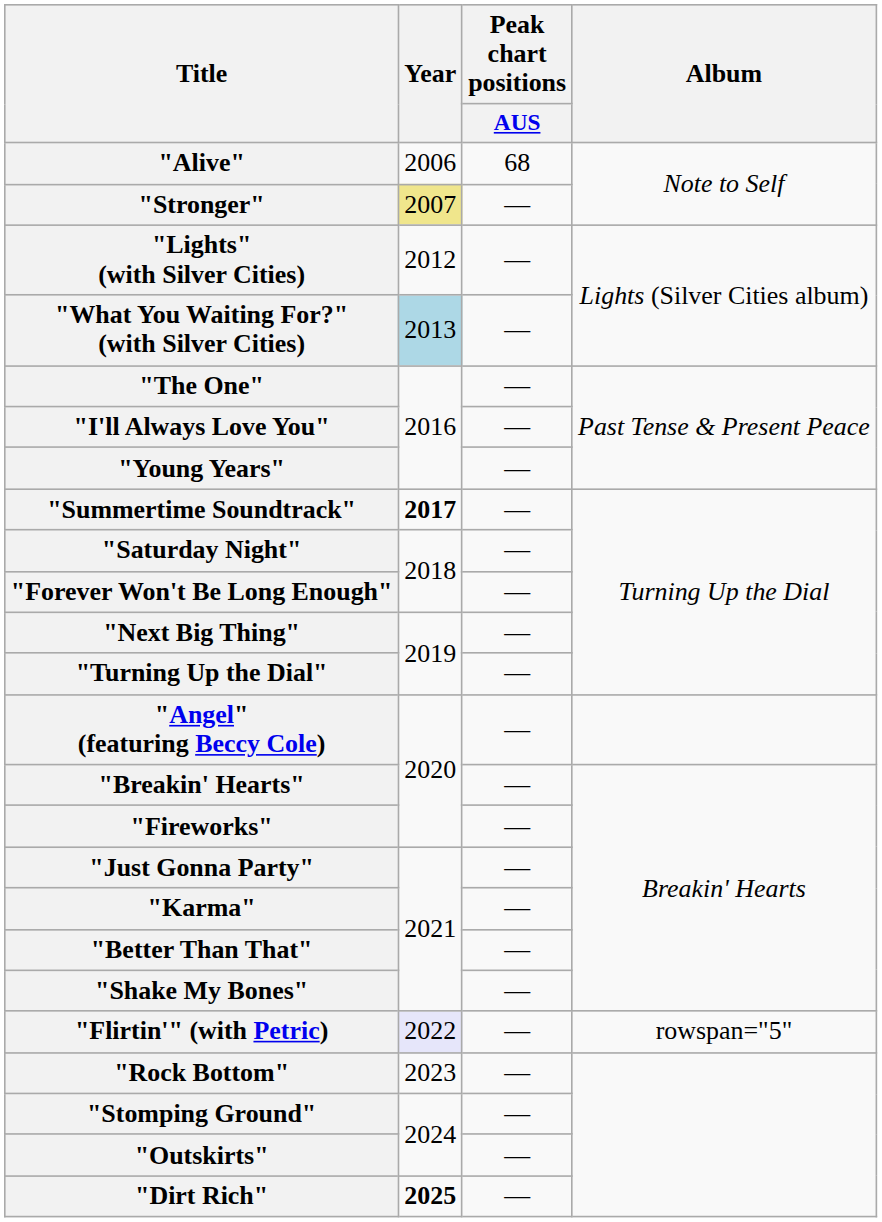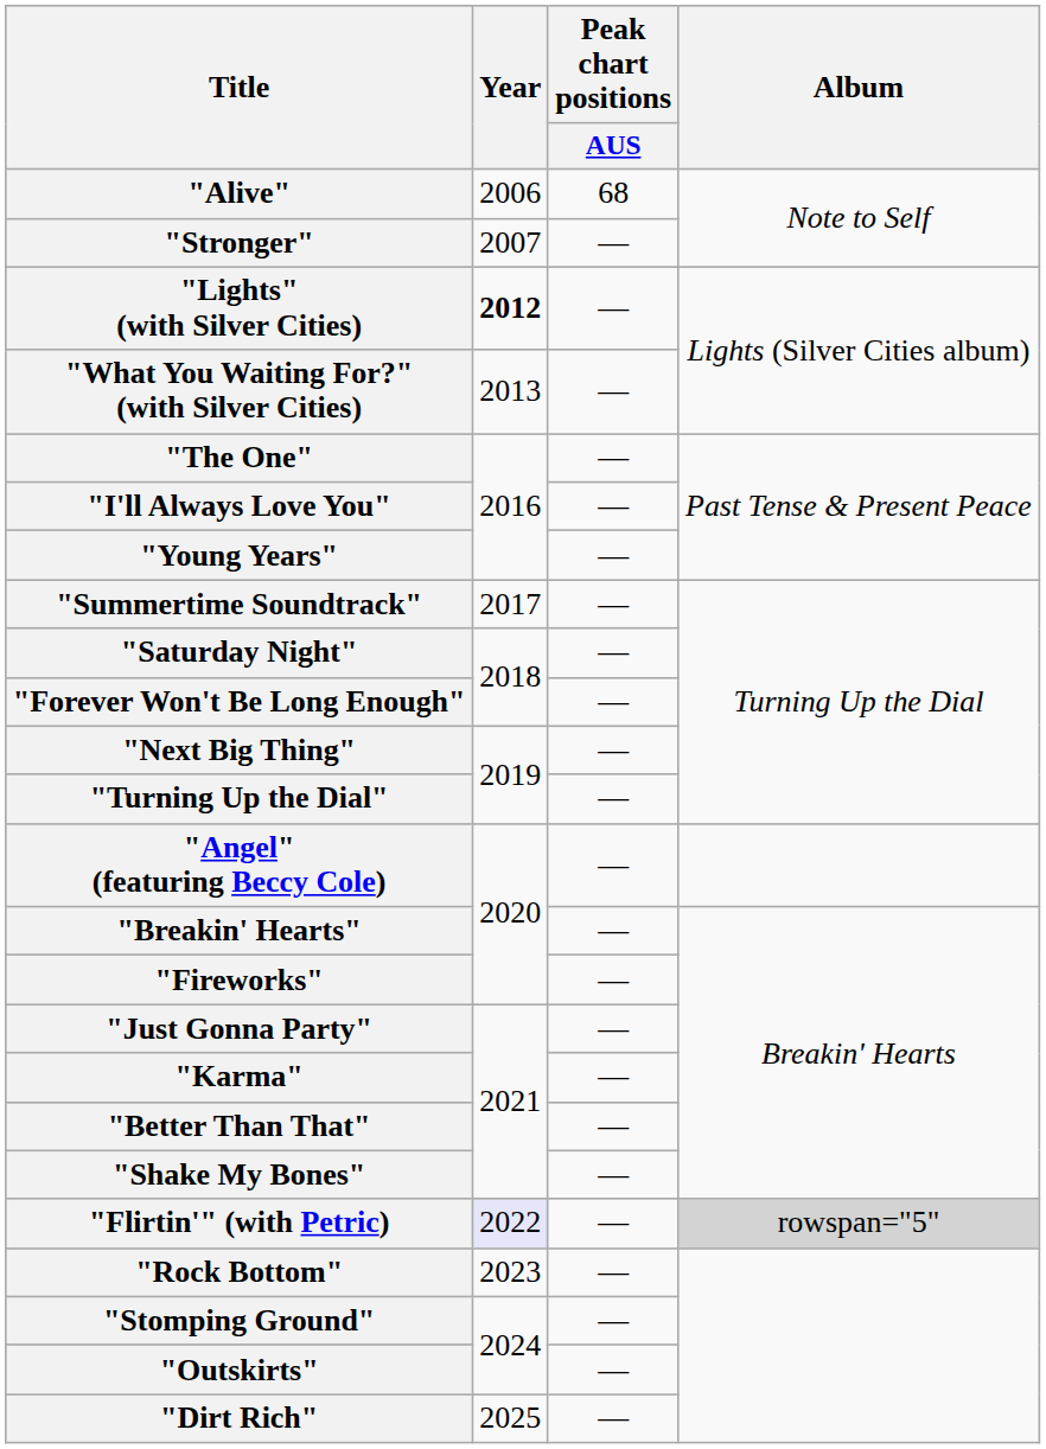 <table class="wikitable plainrowheaders" style="text-align:center;">
 <tr>
 <th scope="col" rowspan="2">Title</th>
 <th scope="col" rowspan="2">Year</th>
 <th scope="col" colspan="1">Peak chart positions</th>
 <th scope="col" rowspan="2">Album</th>
 </tr>
 <tr>
 <th scope="col" style="width:3em;font-size:90%;"><a href='#'>AUS</a><br></th>
 </tr>
 <tr>
 <th scope="row">"Alive"</th>
 <td>2006</td>
 <td>68</td>
 <td rowspan="2"><em>Note to Self</em></td>
 </tr>
 <tr>
 <th scope="row">"Stronger"</th>
-<td style="background: khaki;">2007</td>
+<td>2007</td>
 <td>—</td>
 </tr>
 <tr>
 <th scope="row">"Lights"<br>(with Silver Cities)</th>
-<td>2012</td>
+<td><strong>2012</strong></td>
 <td>—</td>
 <td rowspan="2"><em>Lights</em> (Silver Cities album)</td>
 </tr>
 <tr>
 <th scope="row">"What You Waiting For?"<br>(with Silver Cities)</th>
-<td style="background: lightblue;">2013</td>
+<td>2013</td>
 <td>—</td>
 </tr>
 <tr>
 <th scope="row">"The One"</th>
 <td rowspan="3">2016</td>
 <td>—</td>
 <td rowspan="3"><em>Past Tense & Present Peace</em></td>
 </tr>
 <tr>
 <th scope="row">"I'll Always Love You"</th>
 <td>—</td>
 </tr>
 <tr>
 <th scope="row">"Young Years"</th>
 <td>—</td>
 </tr>
 <tr>
 <th scope="row">"Summertime Soundtrack"</th>
-<td><strong>2017</strong></td>
+<td>2017</td>
 <td>—</td>
 <td rowspan="5"><em>Turning Up the Dial</em></td>
 </tr>
 <tr>
 <th scope="row">"Saturday Night"</th>
 <td rowspan="2">2018</td>
 <td>—</td>
 </tr>
 <tr>
 <th scope="row">"Forever Won't Be Long Enough"</th>
 <td>—</td>
 </tr>
 <tr>
 <th scope="row">"Next Big Thing"</th>
 <td rowspan="2">2019</td>
 <td>—</td>
 </tr>
 <tr>
 <th scope="row">"Turning Up the Dial"</th>
 <td>—</td>
 </tr>
 <tr>
 <th scope="row">"<a href='#'>Angel</a>" <br>(featuring <a href='#'>Beccy Cole</a>)</th>
 <td rowspan="3">2020</td>
 <td>—</td>
 <td></td>
 </tr>
 <tr>
 <th scope="row">"Breakin' Hearts"</th>
 <td>—</td>
 <td rowspan="6"><em>Breakin' Hearts</em></td>
 </tr>
 <tr>
 <th scope="row">"Fireworks"</th>
 <td>—</td>
 </tr>
 <tr>
 <th scope="row">"Just Gonna Party"</th>
 <td rowspan="4">2021</td>
 <td>—</td>
 </tr>
 <tr>
 <th scope="row">"Karma"</th>
 <td>—</td>
 </tr>
 <tr>
 <th scope="row">"Better Than That"</th>
 <td>—</td>
 </tr>
 <tr>
 <th scope="row">"Shake My Bones"</th>
 <td>—</td>
 </tr>
 <tr>
 <th scope="row">"Flirtin'" (with <a href='#'>Petric</a>)</th>
 <td style="background: lavender;">2022</td>
 <td>—</td>
-<td>rowspan="5" </td>
+<td style="background: lightgrey;">rowspan="5" </td>
 </tr>
 <tr>
 <th scope="row">"Rock Bottom"</th>
 <td>2023</td>
 <td>—</td>
 </tr>
 <tr>
 <th scope="row">"Stomping Ground"</th>
 <td rowspan="2">2024</td>
 <td>—</td>
 </tr>
 <tr>
 <th scope="row">"Outskirts"</th>
 <td>—</td>
 </tr>
 <tr>
 <th scope="row">"Dirt Rich"</th>
-<td><strong>2025</strong></td>
+<td>2025</td>
 <td>—</td>
 </tr>
 </table>
